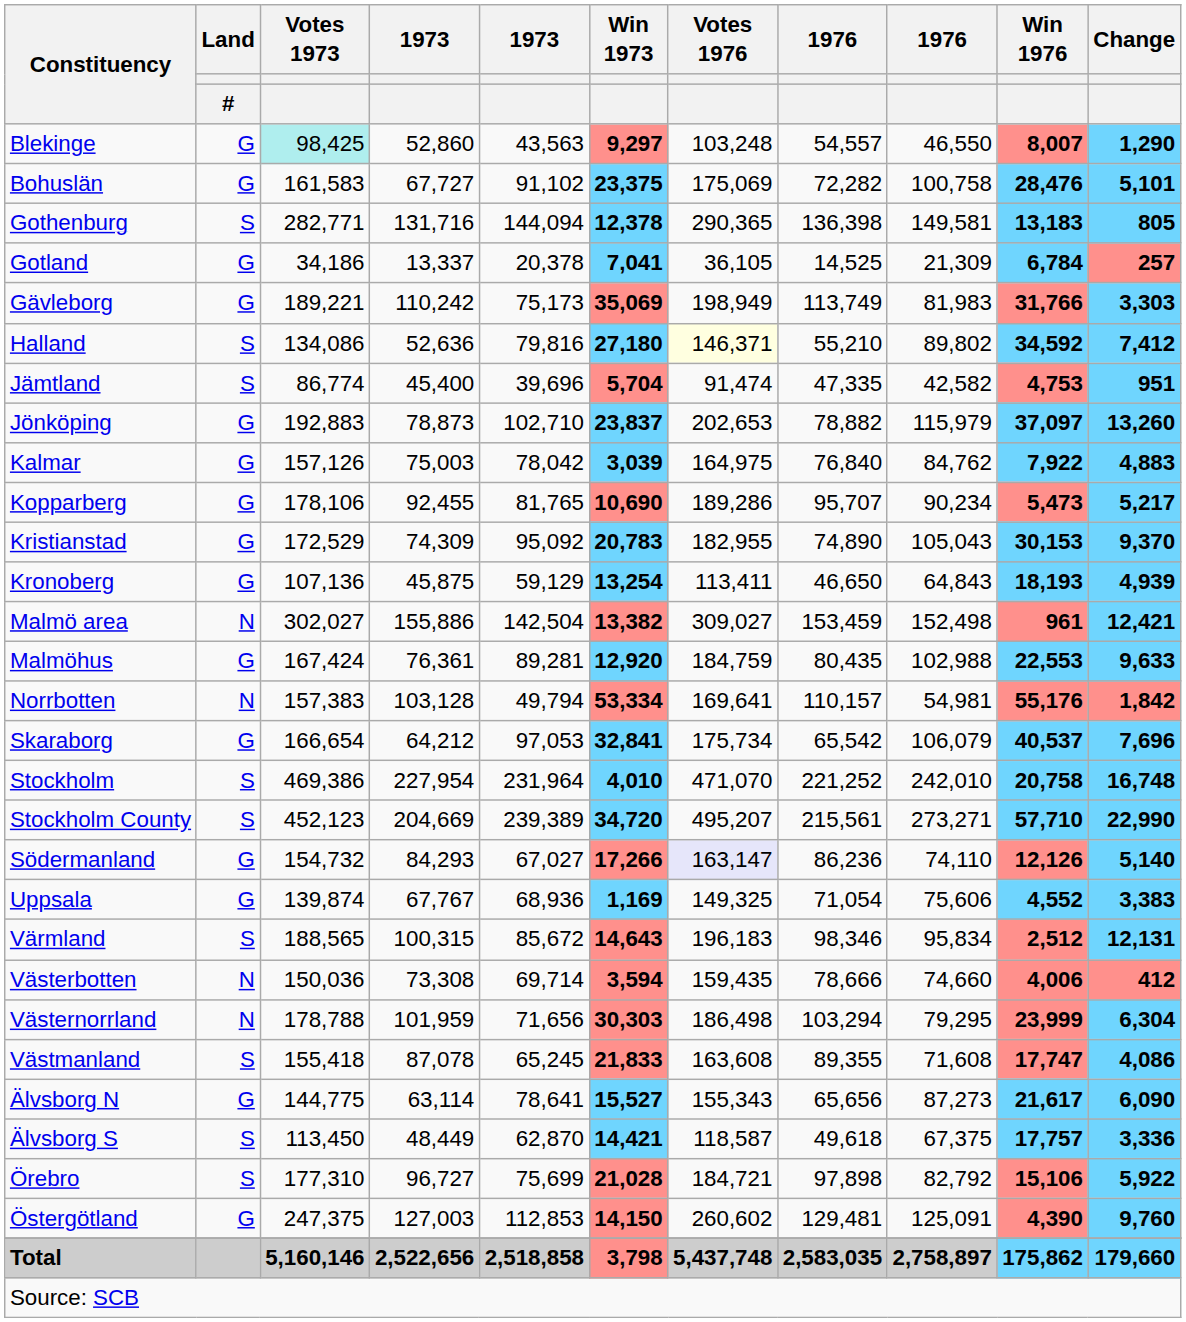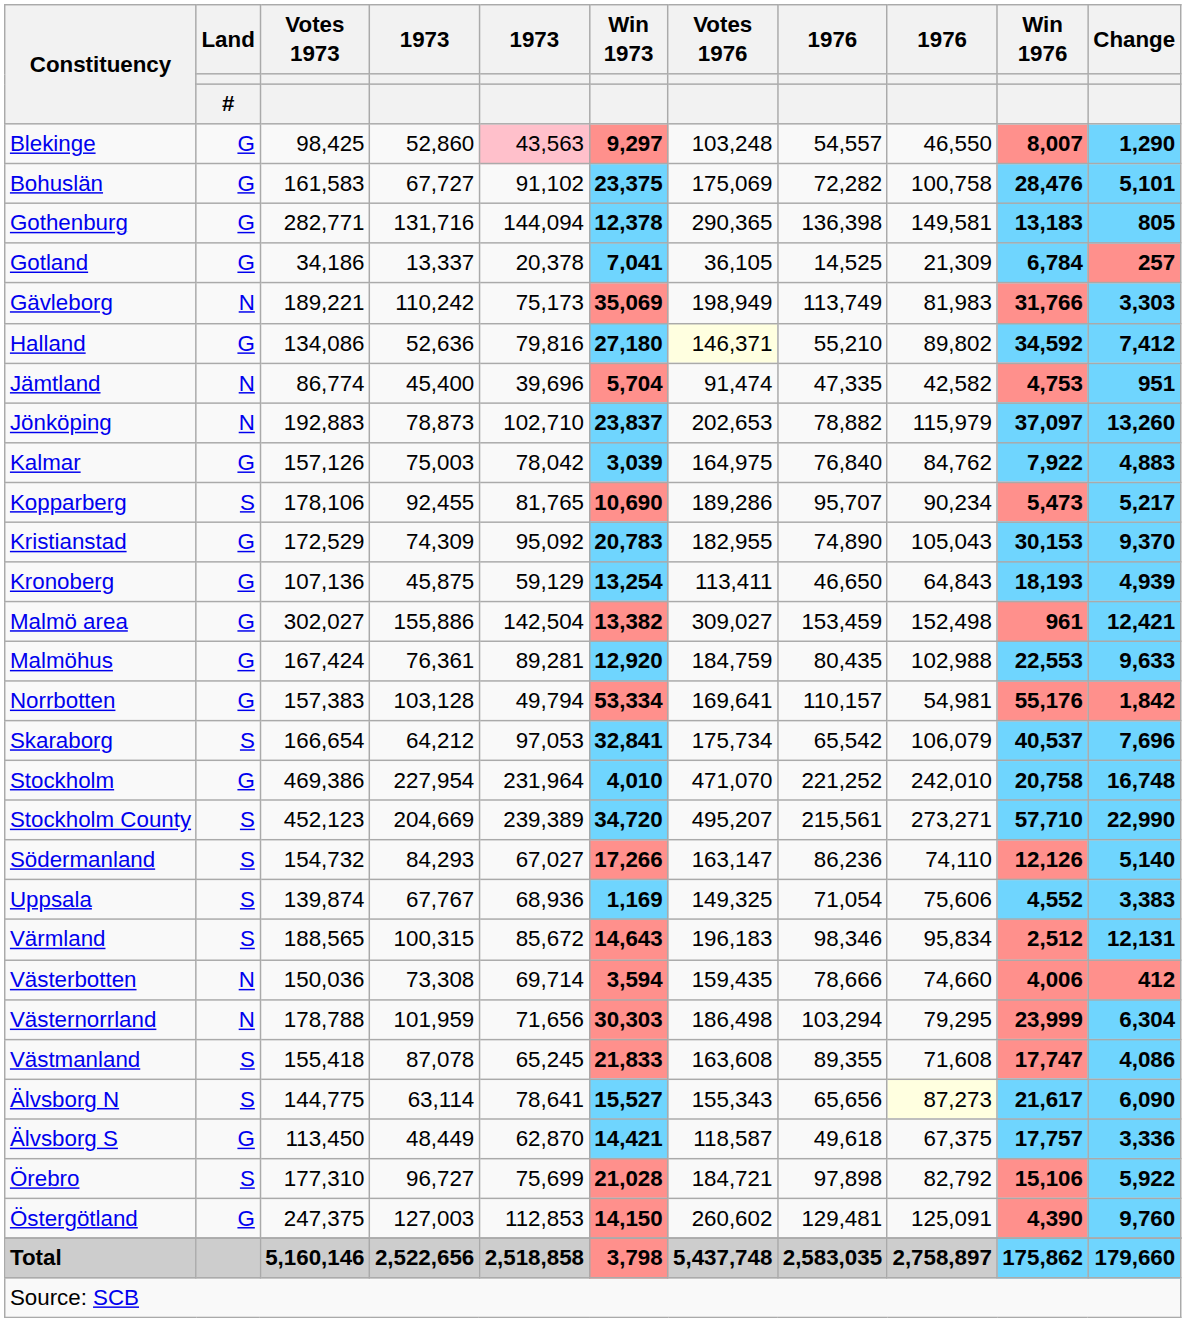 <table class="wikitable sortable" style="text-align:right; font-size:95%; line-height:20px;">
 <tr>
 <th rowspan="3">Constituency</th>
 <th>Land</th>
 <th width="30px" class="unsortable">Votes 1973</th>
 <th> 1973</th>
 <th> 1973</th>
 <th width="30px" class="unsortable">Win 1973</th>
 <th width="30px" class="unsortable">Votes 1976</th>
 <th> 1976</th>
 <th> 1976</th>
 <th width="30px" class="unsortable">Win 1976</th>
 <th width="30px" class="unsortable">Change</th>
 </tr>
 <tr>
 <th></th>
 <th></th>
 <th style="background:"></th>
 <th style="background:"></th>
 <th></th>
 <th></th>
 <th style="background:"></th>
 <th style="background:"></th>
 <th></th>
 <th></th>
 </tr>
 <tr>
 <th data-sort-type="number">#</th>
 <th data-sort-type="number"></th>
 <th data-sort-type="number"></th>
 <th data-sort-type="number"></th>
 <th data-sort-type="number"></th>
 <th data-sort-type="number"></th>
 <th data-sort-type="number"></th>
 <th data-sort-type="number"></th>
 <th data-sort-type="number"></th>
 <th data-sort-type="number"></th>
 </tr>
 <tr>
 <td align="left"><a href='#'>Blekinge</a></td>
 <td><a href='#'>G</a></td>
-<td style="background: paleturquoise;">98,425</td>
+<td>98,425</td>
 <td>52,860</td>
-<td>43,563</td>
+<td style="background: pink;">43,563</td>
 <td bgcolor=#ff908c><strong>9,297</strong></td>
 <td>103,248</td>
 <td>54,557</td>
 <td>46,550</td>
 <td bgcolor=#ff908c><strong>8,007</strong></td>
 <td bgcolor=#6fd5fe><strong>1,290</strong></td>
 </tr>
 <tr>
 <td align="left"><a href='#'>Bohuslän</a></td>
 <td><a href='#'>G</a></td>
 <td>161,583</td>
 <td>67,727</td>
 <td>91,102</td>
 <td bgcolor=#6fd5fe><strong>23,375</strong></td>
 <td>175,069</td>
 <td>72,282</td>
 <td>100,758</td>
 <td bgcolor=#6fd5fe><strong>28,476</strong></td>
 <td bgcolor=#6fd5fe><strong>5,101</strong></td>
 </tr>
 <tr>
 <td align="left"><a href='#'>Gothenburg</a></td>
-<td><a href='#'>S</a></td>
+<td><a href='#'>G</a></td>
 <td>282,771</td>
 <td>131,716</td>
 <td>144,094</td>
 <td bgcolor=#6fd5fe><strong>12,378</strong></td>
 <td>290,365</td>
 <td>136,398</td>
 <td>149,581</td>
 <td bgcolor=#6fd5fe><strong>13,183</strong></td>
 <td bgcolor=#6fd5fe><strong>805</strong></td>
 </tr>
 <tr>
 <td align="left"><a href='#'>Gotland</a></td>
 <td><a href='#'>G</a></td>
 <td>34,186</td>
 <td>13,337</td>
 <td>20,378</td>
 <td bgcolor=#6fd5fe><strong>7,041</strong></td>
 <td>36,105</td>
 <td>14,525</td>
 <td>21,309</td>
 <td bgcolor=#6fd5fe><strong>6,784</strong></td>
 <td bgcolor=#ff908c><strong>257</strong></td>
 </tr>
 <tr>
 <td align="left"><a href='#'>Gävleborg</a></td>
-<td><a href='#'>G</a></td>
+<td><a href='#'>N</a></td>
 <td>189,221</td>
 <td>110,242</td>
 <td>75,173</td>
 <td bgcolor=#ff908c><strong>35,069</strong></td>
 <td>198,949</td>
 <td>113,749</td>
 <td>81,983</td>
 <td bgcolor=#ff908c><strong>31,766</strong></td>
 <td bgcolor=#6fd5fe><strong>3,303</strong></td>
 </tr>
 <tr>
 <td align="left"><a href='#'>Halland</a></td>
-<td><a href='#'>S</a></td>
+<td><a href='#'>G</a></td>
 <td>134,086</td>
 <td>52,636</td>
 <td>79,816</td>
 <td bgcolor=#6fd5fe><strong>27,180</strong></td>
 <td style="background: lightyellow;">146,371</td>
 <td>55,210</td>
 <td>89,802</td>
 <td bgcolor=#6fd5fe><strong>34,592</strong></td>
 <td bgcolor=#6fd5fe><strong>7,412</strong></td>
 </tr>
 <tr>
 <td align="left"><a href='#'>Jämtland</a></td>
-<td><a href='#'>S</a></td>
+<td><a href='#'>N</a></td>
 <td>86,774</td>
 <td>45,400</td>
 <td>39,696</td>
 <td bgcolor=#ff908c><strong>5,704</strong></td>
 <td>91,474</td>
 <td>47,335</td>
 <td>42,582</td>
 <td bgcolor=#ff908c><strong>4,753</strong></td>
 <td bgcolor=#6fd5fe><strong>951</strong></td>
 </tr>
 <tr>
 <td align="left"><a href='#'>Jönköping</a></td>
-<td><a href='#'>G</a></td>
+<td><a href='#'>N</a></td>
 <td>192,883</td>
 <td>78,873</td>
 <td>102,710</td>
 <td bgcolor=#6fd5fe><strong>23,837</strong></td>
 <td>202,653</td>
 <td>78,882</td>
 <td>115,979</td>
 <td bgcolor=#6fd5fe><strong>37,097</strong></td>
 <td bgcolor=#6fd5fe><strong>13,260</strong></td>
 </tr>
 <tr>
 <td align="left"><a href='#'>Kalmar</a></td>
 <td><a href='#'>G</a></td>
 <td>157,126</td>
 <td>75,003</td>
 <td>78,042</td>
 <td bgcolor=#6fd5fe><strong>3,039</strong></td>
 <td>164,975</td>
 <td>76,840</td>
 <td>84,762</td>
 <td bgcolor=#6fd5fe><strong>7,922</strong></td>
 <td bgcolor=#6fd5fe><strong>4,883</strong></td>
 </tr>
 <tr>
 <td align="left"><a href='#'>Kopparberg</a></td>
-<td><a href='#'>G</a></td>
+<td><a href='#'>S</a></td>
 <td>178,106</td>
 <td>92,455</td>
 <td>81,765</td>
 <td bgcolor=#ff908c><strong>10,690</strong></td>
 <td>189,286</td>
 <td>95,707</td>
 <td>90,234</td>
 <td bgcolor=#ff908c><strong>5,473</strong></td>
 <td bgcolor=#6fd5fe><strong>5,217</strong></td>
 </tr>
 <tr>
 <td align="left"><a href='#'>Kristianstad</a></td>
 <td><a href='#'>G</a></td>
 <td>172,529</td>
 <td>74,309</td>
 <td>95,092</td>
 <td bgcolor=#6fd5fe><strong>20,783</strong></td>
 <td>182,955</td>
 <td>74,890</td>
 <td>105,043</td>
 <td bgcolor=#6fd5fe><strong>30,153</strong></td>
 <td bgcolor=#6fd5fe><strong>9,370</strong></td>
 </tr>
 <tr>
 <td align="left"><a href='#'>Kronoberg</a></td>
 <td><a href='#'>G</a></td>
 <td>107,136</td>
 <td>45,875</td>
 <td>59,129</td>
 <td bgcolor=#6fd5fe><strong>13,254</strong></td>
 <td>113,411</td>
 <td>46,650</td>
 <td>64,843</td>
 <td bgcolor=#6fd5fe><strong>18,193</strong></td>
 <td bgcolor=#6fd5fe><strong>4,939</strong></td>
 </tr>
 <tr>
 <td align="left"><a href='#'>Malmö area</a></td>
-<td><a href='#'>N</a></td>
+<td><a href='#'>G</a></td>
 <td>302,027</td>
 <td>155,886</td>
 <td>142,504</td>
 <td bgcolor=#ff908c><strong>13,382</strong></td>
 <td>309,027</td>
 <td>153,459</td>
 <td>152,498</td>
 <td bgcolor=#ff908c><strong>961</strong></td>
 <td bgcolor=#6fd5fe><strong>12,421</strong></td>
 </tr>
 <tr>
 <td align="left"><a href='#'>Malmöhus</a></td>
 <td><a href='#'>G</a></td>
 <td>167,424</td>
 <td>76,361</td>
 <td>89,281</td>
 <td bgcolor=#6fd5fe><strong>12,920</strong></td>
 <td>184,759</td>
 <td>80,435</td>
 <td>102,988</td>
 <td bgcolor=#6fd5fe><strong>22,553</strong></td>
 <td bgcolor=#6fd5fe><strong>9,633</strong></td>
 </tr>
 <tr>
 <td align="left"><a href='#'>Norrbotten</a></td>
-<td><a href='#'>N</a></td>
+<td><a href='#'>G</a></td>
 <td>157,383</td>
 <td>103,128</td>
 <td>49,794</td>
 <td bgcolor=#ff908c><strong>53,334</strong></td>
 <td>169,641</td>
 <td>110,157</td>
 <td>54,981</td>
 <td bgcolor=#ff908c><strong>55,176</strong></td>
 <td bgcolor=#ff908c><strong>1,842</strong></td>
 </tr>
 <tr>
 <td align="left"><a href='#'>Skaraborg</a></td>
-<td><a href='#'>G</a></td>
+<td><a href='#'>S</a></td>
 <td>166,654</td>
 <td>64,212</td>
 <td>97,053</td>
 <td bgcolor=#6fd5fe><strong>32,841</strong></td>
 <td>175,734</td>
 <td>65,542</td>
 <td>106,079</td>
 <td bgcolor=#6fd5fe><strong>40,537</strong></td>
 <td bgcolor=#6fd5fe><strong>7,696</strong></td>
 </tr>
 <tr>
 <td align="left"><a href='#'>Stockholm</a></td>
-<td><a href='#'>S</a></td>
+<td><a href='#'>G</a></td>
 <td>469,386</td>
 <td>227,954</td>
 <td>231,964</td>
 <td bgcolor=#6fd5fe><strong>4,010</strong></td>
 <td>471,070</td>
 <td>221,252</td>
 <td>242,010</td>
 <td bgcolor=#6fd5fe><strong>20,758</strong></td>
 <td bgcolor=#6fd5fe><strong>16,748</strong></td>
 </tr>
 <tr>
 <td align="left"><a href='#'>Stockholm County</a></td>
 <td><a href='#'>S</a></td>
 <td>452,123</td>
 <td>204,669</td>
 <td>239,389</td>
 <td bgcolor=#6fd5fe><strong>34,720</strong></td>
 <td>495,207</td>
 <td>215,561</td>
 <td>273,271</td>
 <td bgcolor=#6fd5fe><strong>57,710</strong></td>
 <td bgcolor=#6fd5fe><strong>22,990</strong></td>
 </tr>
 <tr>
 <td align="left"><a href='#'>Södermanland</a></td>
-<td><a href='#'>G</a></td>
+<td><a href='#'>S</a></td>
 <td>154,732</td>
 <td>84,293</td>
 <td>67,027</td>
 <td bgcolor=#ff908c><strong>17,266</strong></td>
-<td style="background: lavender;">163,147</td>
+<td>163,147</td>
 <td>86,236</td>
 <td>74,110</td>
 <td bgcolor=#ff908c><strong>12,126</strong></td>
 <td bgcolor=#6fd5fe><strong>5,140</strong></td>
 </tr>
 <tr>
 <td align="left"><a href='#'>Uppsala</a></td>
-<td><a href='#'>G</a></td>
+<td><a href='#'>S</a></td>
 <td>139,874</td>
 <td>67,767</td>
 <td>68,936</td>
 <td bgcolor=#6fd5fe><strong>1,169</strong></td>
 <td>149,325</td>
 <td>71,054</td>
 <td>75,606</td>
 <td bgcolor=#6fd5fe><strong>4,552</strong></td>
 <td bgcolor=#6fd5fe><strong>3,383</strong></td>
 </tr>
 <tr>
 <td align="left"><a href='#'>Värmland</a></td>
 <td><a href='#'>S</a></td>
 <td>188,565</td>
 <td>100,315</td>
 <td>85,672</td>
 <td bgcolor=#ff908c><strong>14,643</strong></td>
 <td>196,183</td>
 <td>98,346</td>
 <td>95,834</td>
 <td bgcolor=#ff908c><strong>2,512</strong></td>
 <td bgcolor=#6fd5fe><strong>12,131</strong></td>
 </tr>
 <tr>
 <td align="left"><a href='#'>Västerbotten</a></td>
 <td><a href='#'>N</a></td>
 <td>150,036</td>
 <td>73,308</td>
 <td>69,714</td>
 <td bgcolor=#ff908c><strong>3,594</strong></td>
 <td>159,435</td>
 <td>78,666</td>
 <td>74,660</td>
 <td bgcolor=#ff908c><strong>4,006</strong></td>
 <td bgcolor=#ff908c><strong>412</strong></td>
 </tr>
 <tr>
 <td align="left"><a href='#'>Västernorrland</a></td>
 <td><a href='#'>N</a></td>
 <td>178,788</td>
 <td>101,959</td>
 <td>71,656</td>
 <td bgcolor=#ff908c><strong>30,303</strong></td>
 <td>186,498</td>
 <td>103,294</td>
 <td>79,295</td>
 <td bgcolor=#ff908c><strong>23,999</strong></td>
 <td bgcolor=#6fd5fe><strong>6,304</strong></td>
 </tr>
 <tr>
 <td align="left"><a href='#'>Västmanland</a></td>
 <td><a href='#'>S</a></td>
 <td>155,418</td>
 <td>87,078</td>
 <td>65,245</td>
 <td bgcolor=#ff908c><strong>21,833</strong></td>
 <td>163,608</td>
 <td>89,355</td>
 <td>71,608</td>
 <td bgcolor=#ff908c><strong>17,747</strong></td>
 <td bgcolor=#6fd5fe><strong>4,086</strong></td>
 </tr>
 <tr>
 <td align="left"><a href='#'>Älvsborg N</a></td>
-<td><a href='#'>G</a></td>
+<td><a href='#'>S</a></td>
 <td>144,775</td>
 <td>63,114</td>
 <td>78,641</td>
 <td bgcolor=#6fd5fe><strong>15,527</strong></td>
 <td>155,343</td>
 <td>65,656</td>
-<td>87,273</td>
+<td style="background: lightyellow;">87,273</td>
 <td bgcolor=#6fd5fe><strong>21,617</strong></td>
 <td bgcolor=#6fd5fe><strong>6,090</strong></td>
 </tr>
 <tr>
 <td align="left"><a href='#'>Älvsborg S</a></td>
-<td><a href='#'>S</a></td>
+<td><a href='#'>G</a></td>
 <td>113,450</td>
 <td>48,449</td>
 <td>62,870</td>
 <td bgcolor=#6fd5fe><strong>14,421</strong></td>
 <td>118,587</td>
 <td>49,618</td>
 <td>67,375</td>
 <td bgcolor=#6fd5fe><strong>17,757</strong></td>
 <td bgcolor=#6fd5fe><strong>3,336</strong></td>
 </tr>
 <tr>
 <td align="left"><a href='#'>Örebro</a></td>
 <td><a href='#'>S</a></td>
 <td>177,310</td>
 <td>96,727</td>
 <td>75,699</td>
 <td bgcolor=#ff908c><strong>21,028</strong></td>
 <td>184,721</td>
 <td>97,898</td>
 <td>82,792</td>
 <td bgcolor=#ff908c><strong>15,106</strong></td>
 <td bgcolor=#6fd5fe><strong>5,922</strong></td>
 </tr>
 <tr>
 <td align="left"><a href='#'>Östergötland</a></td>
 <td><a href='#'>G</a></td>
 <td>247,375</td>
 <td>127,003</td>
 <td>112,853</td>
 <td bgcolor=#ff908c><strong>14,150</strong></td>
 <td>260,602</td>
 <td>129,481</td>
 <td>125,091</td>
 <td bgcolor=#ff908c><strong>4,390</strong></td>
 <td bgcolor=#6fd5fe><strong>9,760</strong></td>
 </tr>
 <tr>
 </tr>
 <tr style="background:#CDCDCD;">
 <td align="left"><strong>Total</strong></td>
 <td></td>
 <td><strong>5,160,146</strong></td>
 <td><strong>2,522,656</strong></td>
 <td><strong>2,518,858</strong></td>
 <td bgcolor=#ff908c><strong>3,798</strong></td>
 <td><strong>5,437,748</strong></td>
 <td><strong>2,583,035</strong></td>
 <td><strong>2,758,897</strong></td>
 <td bgcolor=#6fd5fe><strong>175,862</strong></td>
 <td bgcolor=#6fd5fe><strong>179,660</strong></td>
 </tr>
 <tr>
 <td colspan="11" align="left">Source: <a href='#'>SCB</a></td>
 </tr>
 </table>
